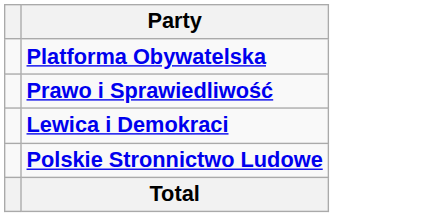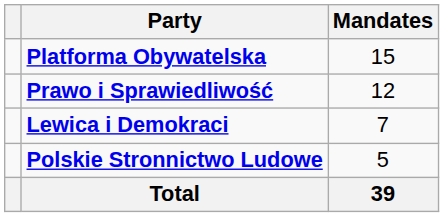 <table class="wikitable">
 <tr>
 <th width=5></th>
 <th>Party</th>
+<th>Mandates</th>
 </tr>
 <tr>
 <td style="background:"></td>
 <td><strong><a href='#'>Platforma Obywatelska</a></strong></td>
+<td align="center">15</td>
 </tr>
 <tr>
 <td style="background:"></td>
 <td><strong><a href='#'>Prawo i Sprawiedliwość</a></strong></td>
+<td align="center">12</td>
 </tr>
 <tr>
 <td style="background:"></td>
 <td><strong><a href='#'>Lewica i Demokraci</a></strong></td>
+<td align="center">7</td>
 </tr>
 <tr>
 <td style="background:"></td>
 <td><strong><a href='#'>Polskie Stronnictwo Ludowe</a></strong></td>
+<td align="center">5</td>
 </tr>
 <tr bgcolor="#ececec">
 <th></th>
 <th>Total</th>
+<th align="center">39</th>
 </tr>
 </table>
